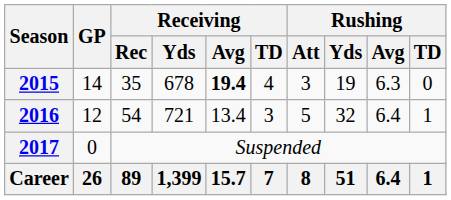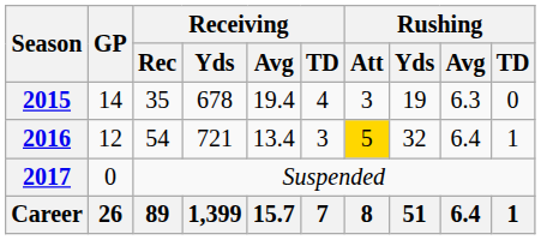 <table class="wikitable" style="text-align: center;">
 <tr>
 <th rowspan="2">Season</th>
 <th rowspan="2">GP</th>
 <th colspan="4">Receiving</th>
 <th colspan="4">Rushing</th>
 </tr>
 <tr>
 <th>Rec</th>
 <th>Yds</th>
 <th>Avg</th>
 <th>TD</th>
 <th>Att</th>
 <th>Yds</th>
 <th>Avg</th>
 <th>TD</th>
 </tr>
 <tr>
 <th><a href='#'>2015</a></th>
 <td>14</td>
 <td>35</td>
 <td>678</td>
-<td><strong>19.4</strong></td>
+<td>19.4</td>
 <td>4</td>
 <td>3</td>
 <td>19</td>
 <td>6.3</td>
 <td>0</td>
 </tr>
 <tr>
 <th><a href='#'>2016</a></th>
 <td>12</td>
 <td>54</td>
 <td>721</td>
 <td>13.4</td>
 <td>3</td>
-<td>5</td>
+<td style="background: gold;">5</td>
 <td>32</td>
 <td>6.4</td>
 <td>1</td>
 </tr>
 <tr>
 <th><a href='#'>2017</a></th>
 <td>0</td>
 <td colspan="8"><em>Suspended</em></td>
 </tr>
 <tr>
 <th>Career</th>
 <th>26</th>
 <th>89</th>
 <th>1,399</th>
 <th>15.7</th>
 <th>7</th>
 <th>8</th>
 <th>51</th>
 <th>6.4</th>
 <th>1</th>
 </tr>
 </table>
